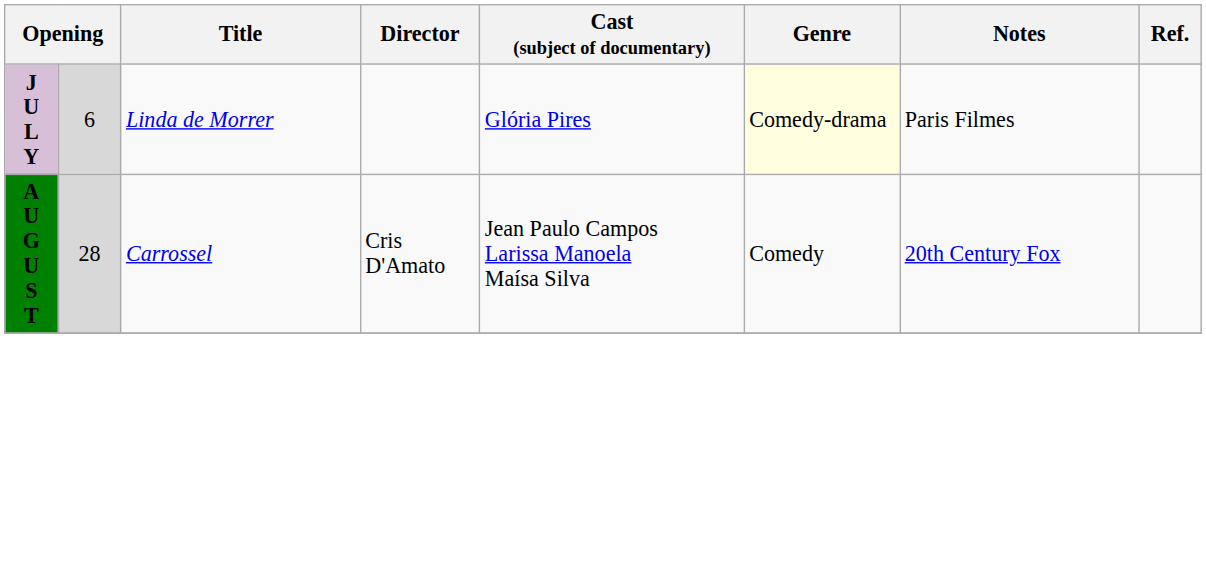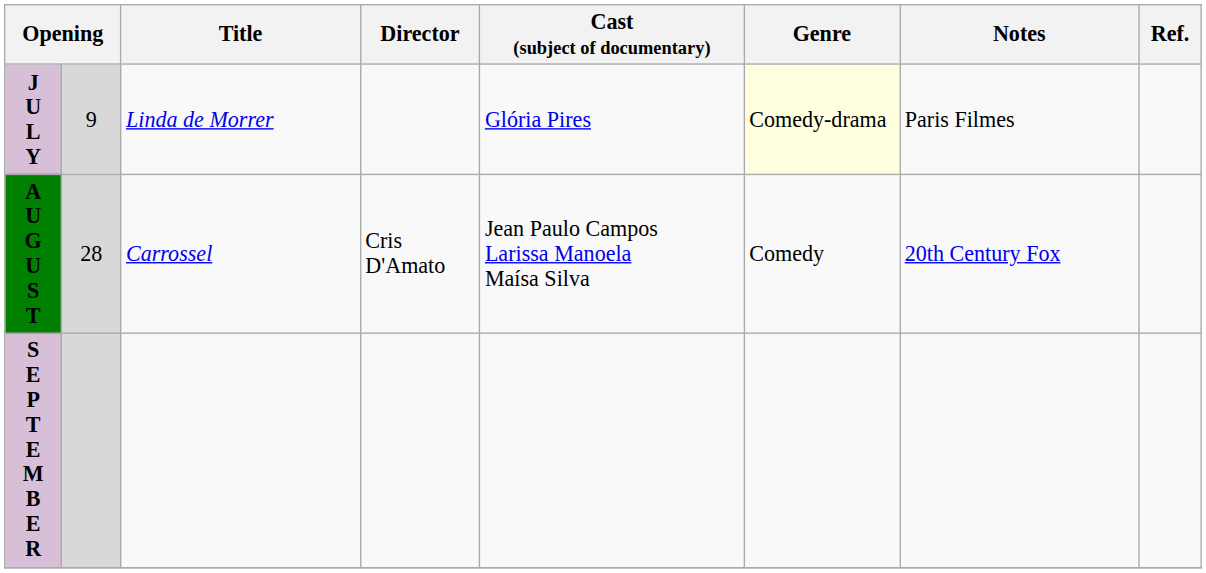 <table class="wikitable">
 <tr>
 <th colspan="2">Opening</th>
 <th style="width:20%;">Title</th>
 <th style="width:10%;">Director</th>
 <th>Cast<br><small>(subject of documentary)</small></th>
 <th style="width:13%">Genre</th>
 <th style="width:20%">Notes</th>
 <th>Ref.</th>
 </tr>
 <tr>
 <td style="text-align:center; background:thistle; textcolor:#000;"><strong>J<br>U<br>L<br>Y<br></strong></td>
-<td style="text-align:center; background:#d8d8d8; textcolor:#000;">6</td>
+<td style="text-align:center; background:#d8d8d8; textcolor:#000;">9</td>
 <td><em><a href='#'>Linda de Morrer</a></em></td>
 <td></td>
 <td><a href='#'>Glória Pires</a></td>
 <td style="background: lightyellow;">Comedy-drama</td>
 <td>Paris Filmes</td>
 <td></td>
 </tr>
 <tr>
 <td style="text-align:center; background:green; textcolor:#000;"><strong>A<br>U<br>G<br>U<br>S<br>T<br></strong></td>
 <td style="text-align:center; background:#d8d8d8; textcolor:#000;">28</td>
 <td><em><a href='#'>Carrossel</a></em></td>
 <td>Cris D'Amato</td>
 <td>Jean Paulo Campos<br><a href='#'>Larissa Manoela</a><br>Maísa Silva</td>
 <td>Comedy</td>
 <td><a href='#'>20th Century Fox</a></td>
 <td></td>
 </tr>
 <tr>
+<td style="text-align:center; background:thistle; textcolor:#000;"><strong>S<br>E<br>P<br>T<br>E<br>M<br>B<br>E<br>R<br></strong></td>
+<td style="text-align:center; background:#d8d8d8; textcolor:#000;"></td>
+<td></td>
+<td></td>
+<td></td>
+<td></td>
+<td></td>
+<td></td>
+</tr>
+<tr>
 </tr>
 </table>
